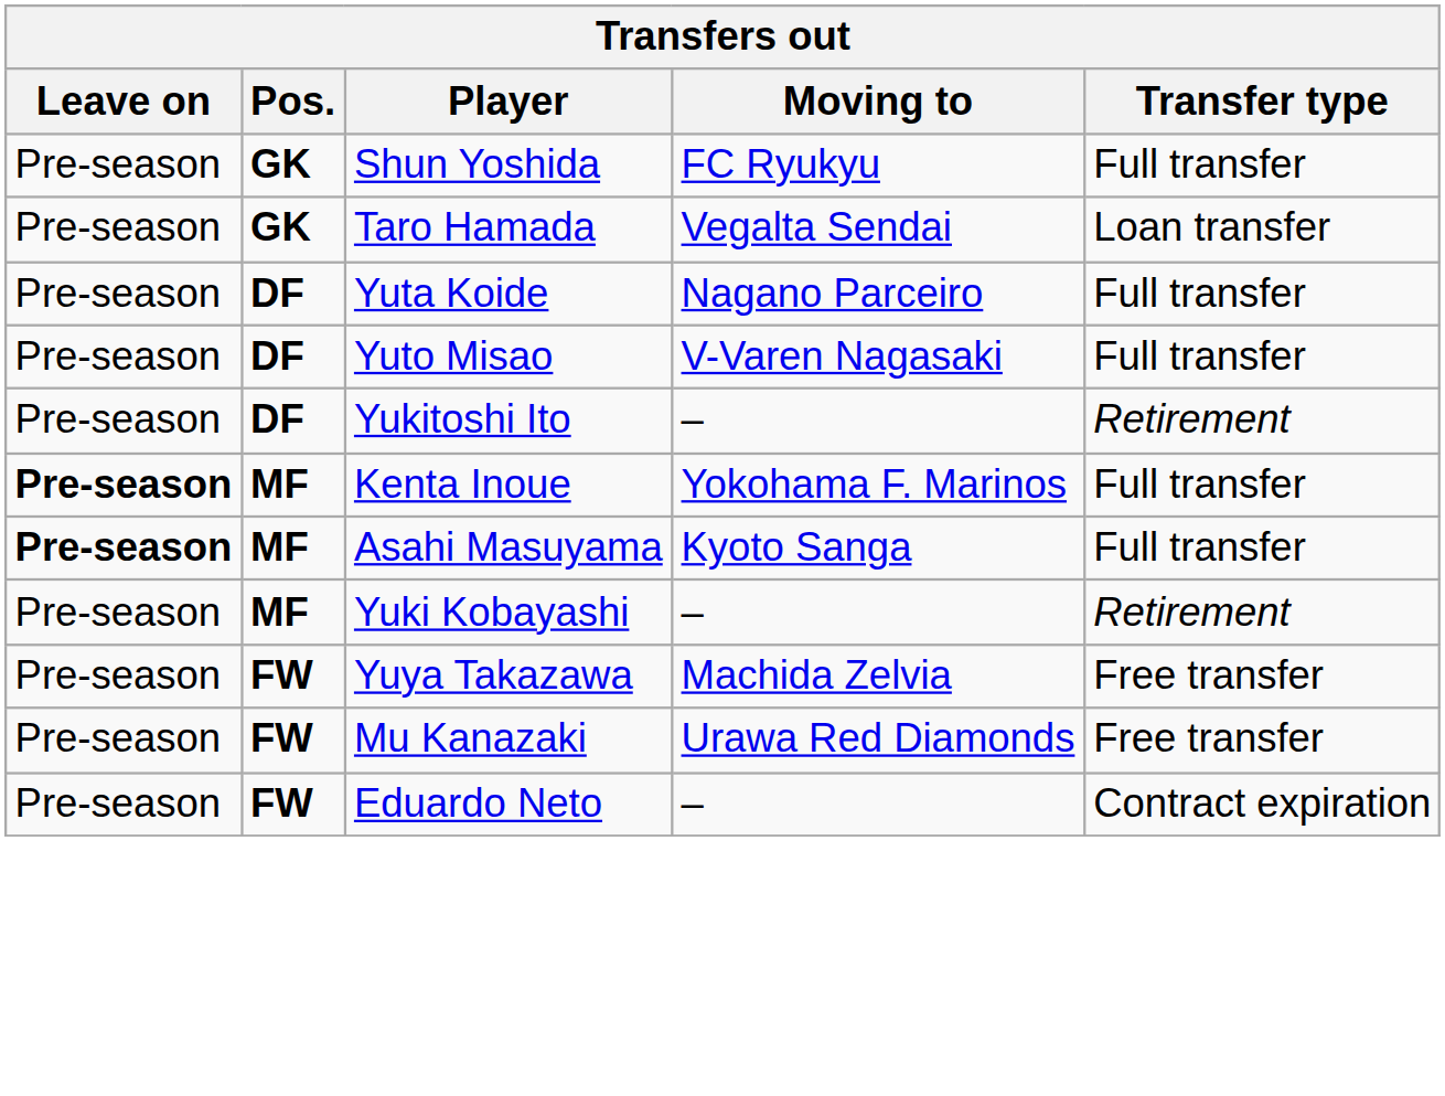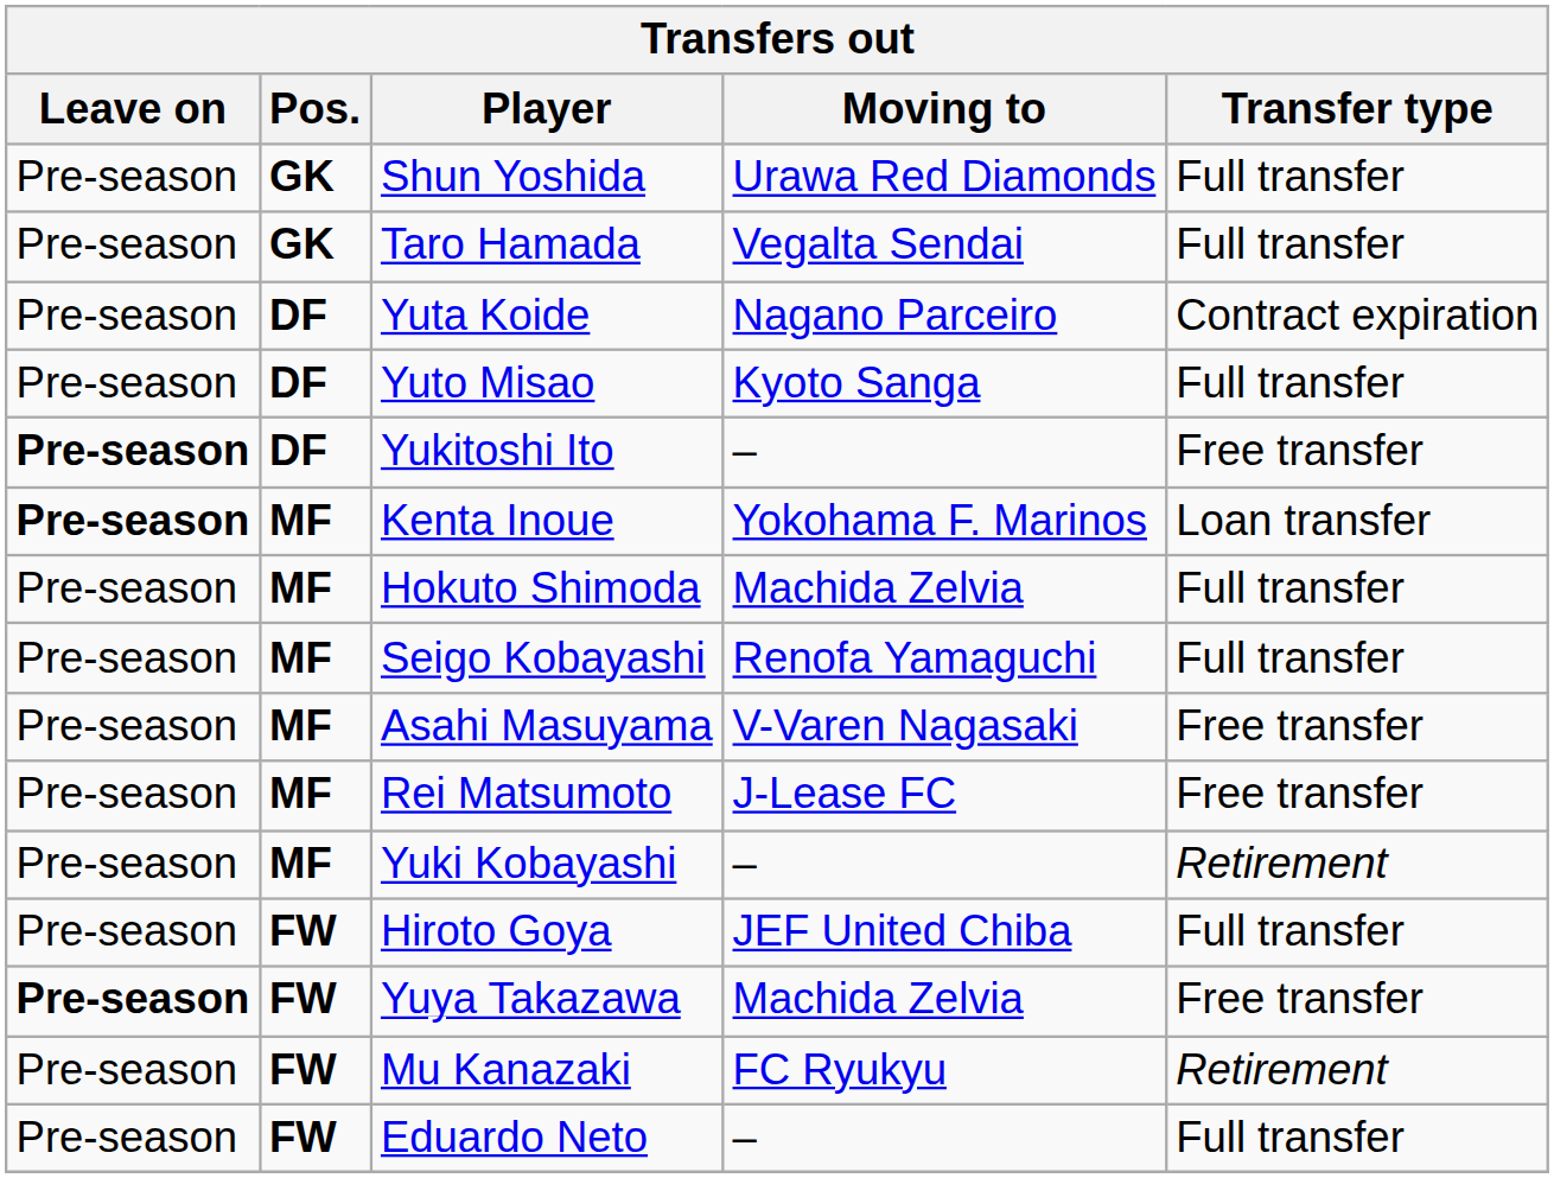 <table class="wikitable sortable" style=“text-align:left;>
 <tr>
 <th colspan="5">Transfers out</th>
 </tr>
 <tr>
 <th>Leave on</th>
 <th>Pos.</th>
 <th>Player</th>
 <th>Moving to</th>
 <th>Transfer type</th>
 </tr>
 <tr>
 <td>Pre-season</td>
 <td><strong>GK</strong></td>
 <td> <a href='#'>Shun Yoshida</a></td>
-<td> <a href='#'>FC Ryukyu</a></td>
+<td> <a href='#'>Urawa Red Diamonds</a></td>
 <td>Full transfer</td>
 </tr>
 <tr>
 <td>Pre-season</td>
 <td><strong>GK</strong></td>
 <td> <a href='#'>Taro Hamada</a></td>
 <td> <a href='#'>Vegalta Sendai</a></td>
-<td>Loan transfer</td>
+<td>Full transfer</td>
 </tr>
 <tr>
 <td>Pre-season</td>
 <td><strong>DF</strong></td>
 <td> <a href='#'>Yuta Koide</a></td>
 <td> <a href='#'>Nagano Parceiro</a></td>
-<td>Full transfer</td>
+<td>Contract expiration</td>
 </tr>
 <tr>
 <td>Pre-season</td>
 <td><strong>DF</strong></td>
 <td> <a href='#'>Yuto Misao</a></td>
-<td> <a href='#'>V-Varen Nagasaki</a></td>
+<td> <a href='#'>Kyoto Sanga</a></td>
 <td>Full transfer</td>
 </tr>
 <tr>
-<td>Pre-season</td>
+<td><strong>Pre-season</strong></td>
 <td><strong>DF</strong></td>
 <td> <a href='#'>Yukitoshi Ito</a></td>
 <td>–</td>
-<td><em>Retirement</em></td>
+<td>Free transfer</td>
 </tr>
 <tr>
 <td><strong>Pre-season</strong></td>
 <td><strong>MF</strong></td>
 <td> <a href='#'>Kenta Inoue</a></td>
 <td> <a href='#'>Yokohama F. Marinos</a></td>
+<td>Loan transfer</td>
+</tr>
+<tr>
+<td>Pre-season</td>
+<td><strong>MF</strong></td>
+<td> <a href='#'>Hokuto Shimoda</a></td>
+<td> <a href='#'>Machida Zelvia</a></td>
 <td>Full transfer</td>
 </tr>
 <tr>
-<td><strong>Pre-season</strong></td>
+<td>Pre-season</td>
+<td><strong>MF</strong></td>
+<td> <a href='#'>Seigo Kobayashi</a></td>
+<td> <a href='#'>Renofa Yamaguchi</a></td>
+<td>Full transfer</td>
+</tr>
+<tr>
+<td>Pre-season</td>
 <td><strong>MF</strong></td>
 <td> <a href='#'>Asahi Masuyama</a></td>
-<td> <a href='#'>Kyoto Sanga</a></td>
-<td>Full transfer</td>
+<td> <a href='#'>V-Varen Nagasaki</a></td>
+<td>Free transfer</td>
+</tr>
+<tr>
+<td>Pre-season</td>
+<td><strong>MF</strong></td>
+<td> <a href='#'>Rei Matsumoto</a></td>
+<td> <a href='#'>J-Lease FC</a></td>
+<td>Free transfer</td>
 </tr>
 <tr>
 <td>Pre-season</td>
 <td><strong>MF</strong></td>
 <td> <a href='#'>Yuki Kobayashi</a></td>
 <td>–</td>
 <td><em>Retirement</em></td>
 </tr>
 <tr>
 <td>Pre-season</td>
 <td><strong>FW</strong></td>
+<td> <a href='#'>Hiroto Goya</a></td>
+<td> <a href='#'>JEF United Chiba</a></td>
+<td>Full transfer</td>
+</tr>
+<tr>
+<td><strong>Pre-season</strong></td>
+<td><strong>FW</strong></td>
 <td> <a href='#'>Yuya Takazawa</a></td>
 <td> <a href='#'>Machida Zelvia</a></td>
 <td>Free transfer</td>
 </tr>
 <tr>
 <td>Pre-season</td>
 <td><strong>FW</strong></td>
 <td> <a href='#'>Mu Kanazaki</a></td>
-<td> <a href='#'>Urawa Red Diamonds</a></td>
-<td>Free transfer</td>
+<td> <a href='#'>FC Ryukyu</a></td>
+<td><em>Retirement</em></td>
 </tr>
 <tr>
 <td>Pre-season</td>
 <td><strong>FW</strong></td>
 <td> <a href='#'>Eduardo Neto</a></td>
 <td>–</td>
-<td>Contract expiration</td>
+<td>Full transfer</td>
 </tr>
 <tr>
 </tr>
 </table>
